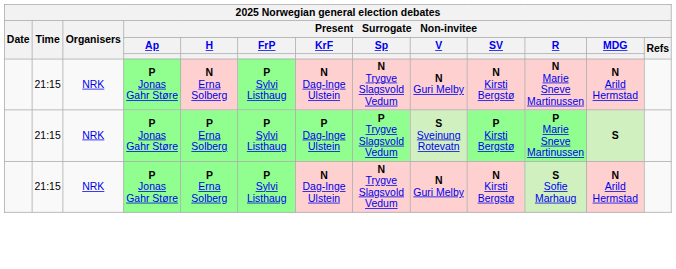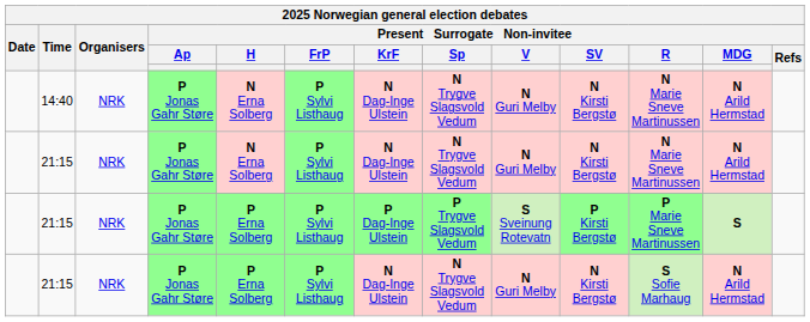 <table class="wikitable" style="font-size:85%; line-height:15px; text-align:center;">
 <tr>
 <th colspan="13">2025 Norwegian general election debates</th>
 </tr>
 <tr>
 <th rowspan="3">Date</th>
 <th rowspan="3">Time</th>
 <th rowspan="3">Organisers</th>
 <th colspan="10"> Present    Surrogate   Non-invitee </th>
 </tr>
 <tr>
 <th scope="col" style="width:5em;"><a href='#'>Ap</a></th>
 <th scope="col" style="width:5em;"><a href='#'>H</a></th>
 <th scope="col" style="width:5em;"><a href='#'>FrP</a></th>
 <th scope="col" style="width:5em;"><a href='#'>KrF</a></th>
 <th scope="col" style="width:5em;"><a href='#'>Sp</a></th>
 <th scope="col" style="width:5em;"><a href='#'>V</a></th>
 <th scope="col" style="width:5em;"><a href='#'>SV</a></th>
 <th scope="col" style="width:5em;"><a href='#'>R</a></th>
 <th scope="col" style="width:5em;"><a href='#'>MDG</a></th>
 <th rowspan="2">Refs</th>
 </tr>
 <tr>
 <th style="background:"></th>
 <th style="background:"></th>
 <th style="background:"></th>
 <th style="background:"></th>
 <th style="background:"></th>
 <th style="background:"></th>
 <th style="background:"></th>
 <th style="background:"></th>
 <th style="background:"></th>
+</tr>
+<tr>
+<td></td>
+<td>14:40</td>
+<td><a href='#'>NRK</a></td>
+<td style="background:#90FF90"><strong>P</strong><br><a href='#'>Jonas Gahr Støre</a></td>
+<td style="background:#FFD0D0"><strong>N</strong><br><a href='#'>Erna Solberg</a></td>
+<td style="background:#90FF90"><strong>P</strong><br><a href='#'>Sylvi Listhaug</a></td>
+<td style="background:#FFD0D0"><strong>N</strong><br><a href='#'>Dag-Inge Ulstein</a></td>
+<td style="background:#FFD0D0"><strong>N</strong><br><a href='#'>Trygve Slagsvold Vedum</a></td>
+<td style="background:#FFD0D0"><strong>N</strong><br><a href='#'>Guri Melby</a></td>
+<td style="background:#FFD0D0"><strong>N</strong><br><a href='#'>Kirsti Bergstø</a></td>
+<td style="background:#FFD0D0"><strong>N</strong><br><a href='#'>Marie Sneve Martinussen</a></td>
+<td style="background:#FFD0D0"><strong>N</strong><br><a href='#'>Arild Hermstad</a></td>
+<td></td>
 </tr>
 <tr>
 <td></td>
 <td>21:15</td>
 <td><a href='#'>NRK</a></td>
 <td style="background:#90FF90"><strong>P</strong><br><a href='#'>Jonas Gahr Støre</a></td>
 <td style="background:#FFD0D0"><strong>N</strong><br><a href='#'>Erna Solberg</a></td>
 <td style="background:#90FF90"><strong>P</strong><br><a href='#'>Sylvi Listhaug</a></td>
 <td style="background:#FFD0D0"><strong>N</strong><br><a href='#'>Dag-Inge Ulstein</a></td>
 <td style="background:#FFD0D0"><strong>N</strong><br><a href='#'>Trygve Slagsvold Vedum</a></td>
 <td style="background:#FFD0D0"><strong>N</strong><br><a href='#'>Guri Melby</a></td>
 <td style="background:#FFD0D0"><strong>N</strong><br><a href='#'>Kirsti Bergstø</a></td>
 <td style="background:#FFD0D0"><strong>N</strong><br><a href='#'>Marie Sneve Martinussen</a></td>
 <td style="background:#FFD0D0"><strong>N</strong><br><a href='#'>Arild Hermstad</a></td>
 <td></td>
 </tr>
 <tr>
 <td></td>
 <td>21:15</td>
 <td><a href='#'>NRK</a></td>
 <td style="background:#90FF90"><strong>P</strong><br><a href='#'>Jonas Gahr Støre</a></td>
 <td style="background:#90FF90"><strong>P</strong><br><a href='#'>Erna Solberg</a></td>
 <td style="background:#90FF90"><strong>P</strong><br><a href='#'>Sylvi Listhaug</a></td>
 <td style="background:#90FF90"><strong>P</strong><br><a href='#'>Dag-Inge Ulstein</a></td>
 <td style="background:#90FF90"><strong>P</strong><br><a href='#'>Trygve Slagsvold Vedum</a></td>
 <td style="background:#D0F0C0"><strong>S</strong><br><a href='#'>Sveinung Rotevatn</a></td>
 <td style="background:#90FF90"><strong>P</strong><br><a href='#'>Kirsti Bergstø</a></td>
 <td style="background:#90FF90"><strong>P</strong><br><a href='#'>Marie Sneve Martinussen</a></td>
 <td style="background:#D0F0C0"><strong>S</strong><br></td>
 <td></td>
 </tr>
 <tr>
 <td></td>
 <td>21:15</td>
 <td><a href='#'>NRK</a></td>
 <td style="background:#90FF90"><strong>P</strong><br><a href='#'>Jonas Gahr Støre</a></td>
 <td style="background:#90FF90"><strong>P</strong><br><a href='#'>Erna Solberg</a></td>
 <td style="background:#90FF90"><strong>P</strong><br><a href='#'>Sylvi Listhaug</a></td>
 <td style="background:#FFD0D0"><strong>N</strong><br><a href='#'>Dag-Inge Ulstein</a></td>
 <td style="background:#FFD0D0"><strong>N</strong><br><a href='#'>Trygve Slagsvold Vedum</a></td>
 <td style="background:#FFD0D0"><strong>N</strong><br><a href='#'>Guri Melby</a></td>
 <td style="background:#FFD0D0"><strong>N</strong><br><a href='#'>Kirsti Bergstø</a></td>
 <td style="background:#D0F0C0"><strong>S</strong><br><a href='#'>Sofie Marhaug</a></td>
 <td style="background:#FFD0D0"><strong>N</strong><br><a href='#'>Arild Hermstad</a></td>
 <td></td>
 </tr>
 </table>
